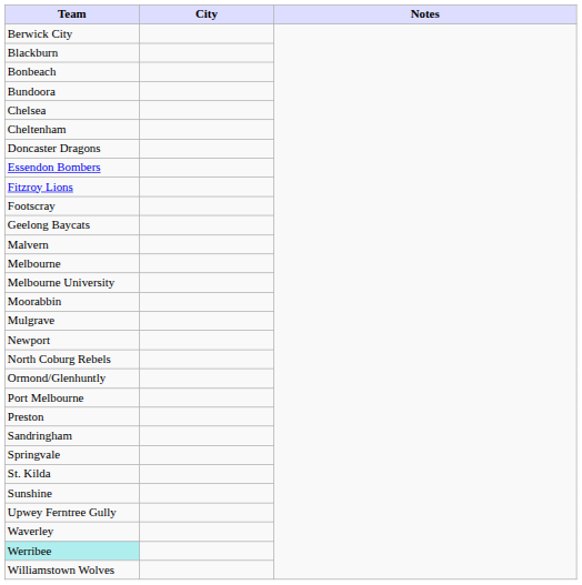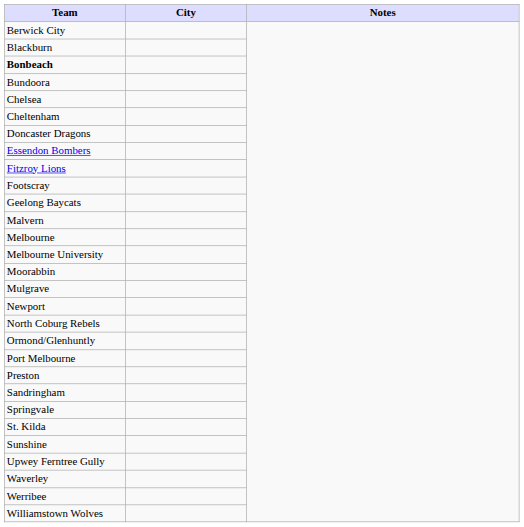 <table class="wikitable">
 <tr>
 <th style="background:#ddf; width:20%;">Team</th>
 <th style="background:#ddf; width:20%;">City</th>
 <th style="background:#ddf; width:45%;">Notes</th>
 </tr>
 <tr>
 <td>Berwick City</td>
 <td></td>
 </tr>
 <tr>
 <td>Blackburn  	 </td>
 <td></td>
 </tr>
 <tr>
-<td>Bonbeach</td>
+<td><strong>Bonbeach</strong></td>
 <td></td>
 </tr>
 <tr>
 <td>Bundoora</td>
 <td></td>
 </tr>
 <tr>
 <td>Chelsea</td>
 <td></td>
 </tr>
 <tr>
 <td>Cheltenham</td>
 <td></td>
 </tr>
 <tr>
 <td>Doncaster Dragons</td>
 <td></td>
 </tr>
 <tr>
 <td><a href='#'>Essendon Bombers</a></td>
 <td></td>
 </tr>
 <tr>
 <td><a href='#'>Fitzroy Lions</a></td>
 <td></td>
 </tr>
 <tr>
 <td>Footscray</td>
 <td></td>
 </tr>
 <tr>
 <td>Geelong Baycats</td>
 <td></td>
 </tr>
 <tr>
 <td>Malvern</td>
 <td></td>
 </tr>
 <tr>
 <td>Melbourne</td>
 <td></td>
 </tr>
 <tr>
 <td>Melbourne University</td>
 <td></td>
 </tr>
 <tr>
 <td>Moorabbin</td>
 <td></td>
 </tr>
 <tr>
 <td>Mulgrave</td>
 <td></td>
 </tr>
 <tr>
 <td>Newport</td>
 <td></td>
 </tr>
 <tr>
 <td>North Coburg Rebels</td>
 <td></td>
 </tr>
 <tr>
 <td>Ormond/Glenhuntly</td>
 <td></td>
 </tr>
 <tr>
 <td>Port Melbourne</td>
 <td></td>
 </tr>
 <tr>
 <td>Preston</td>
 <td></td>
 </tr>
 <tr>
 <td>Sandringham</td>
 <td></td>
 </tr>
 <tr>
 <td>Springvale</td>
 <td></td>
 </tr>
 <tr>
 <td>St. Kilda</td>
 <td></td>
 </tr>
 <tr>
 <td>Sunshine</td>
 <td></td>
 </tr>
 <tr>
 <td>Upwey Ferntree Gully</td>
 <td></td>
 </tr>
 <tr>
 <td>Waverley</td>
 <td></td>
 </tr>
 <tr>
-<td style="background: paleturquoise;">Werribee</td>
+<td>Werribee</td>
 <td></td>
 </tr>
 <tr>
 <td>Williamstown Wolves</td>
 <td></td>
 </tr>
 </table>
